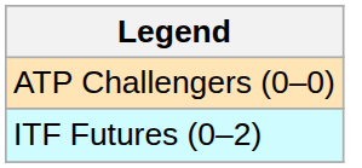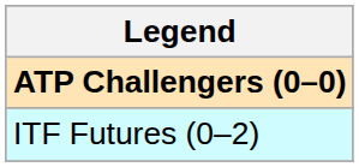 <table class=wikitable style=font-size:97%>
 <tr>
 <th>Legend</th>
 </tr>
 <tr style="background:moccasin;">
-<td>ATP Challengers (0–0)</td>
+<td><strong>ATP Challengers (0–0)</strong></td>
 </tr>
 <tr style="background:#cffcff;">
 <td>ITF Futures (0–2)</td>
 </tr>
 </table>
